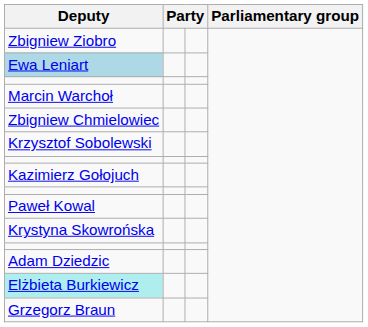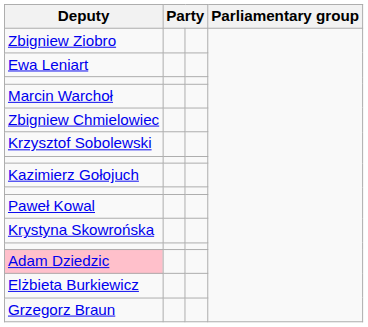 <table class="wikitable">
 <tr>
 <th>Deputy</th>
 <th colspan="2">Party</th>
 <th colspan="2">Parliamentary group</th>
 </tr>
 <tr>
 <td><a href='#'>Zbigniew Ziobro</a></td>
 <td></td>
 <td></td>
 </tr>
 <tr>
-<td style="background: lightblue;"><a href='#'>Ewa Leniart</a></td>
+<td><a href='#'>Ewa Leniart</a></td>
 <td></td>
 <td></td>
 </tr>
 <tr>
 <td></td>
 <td></td>
 <td></td>
 </tr>
 <tr>
 <td><a href='#'>Marcin Warchoł</a></td>
 <td></td>
 <td></td>
 </tr>
 <tr>
 <td><a href='#'>Zbigniew Chmielowiec</a></td>
 <td></td>
 <td></td>
 </tr>
 <tr>
 <td><a href='#'>Krzysztof Sobolewski</a></td>
 <td></td>
 <td></td>
 </tr>
 <tr>
 <td></td>
 <td></td>
 <td></td>
 </tr>
 <tr>
 <td><a href='#'>Kazimierz Gołojuch</a></td>
 <td></td>
 <td></td>
 </tr>
 <tr>
 <td></td>
 <td></td>
 <td></td>
 </tr>
 <tr>
 <td><a href='#'>Paweł Kowal</a></td>
 <td></td>
 <td></td>
 </tr>
 <tr>
 <td><a href='#'>Krystyna Skowrońska</a></td>
 <td></td>
 <td></td>
 </tr>
 <tr>
 <td></td>
 <td></td>
 <td></td>
 </tr>
 <tr>
-<td><a href='#'>Adam Dziedzic</a></td>
+<td style="background: pink;"><a href='#'>Adam Dziedzic</a></td>
 <td></td>
 <td></td>
 </tr>
 <tr>
-<td style="background: paleturquoise;"><a href='#'>Elżbieta Burkiewicz</a></td>
+<td><a href='#'>Elżbieta Burkiewicz</a></td>
 <td></td>
 <td></td>
 </tr>
 <tr>
 <td><a href='#'>Grzegorz Braun</a></td>
 <td></td>
 <td></td>
 </tr>
 </table>
